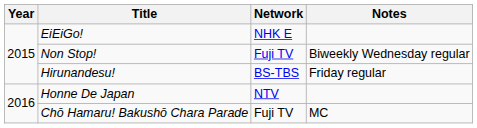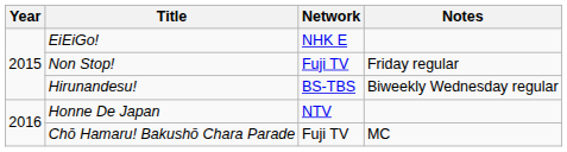 <table class="wikitable">
 <tr>
 <th>Year</th>
 <th>Title</th>
 <th>Network</th>
 <th>Notes</th>
 </tr>
 <tr>
 <td rowspan="3">2015</td>
 <td><em>EiEiGo!</em></td>
 <td><a href='#'>NHK E</a></td>
 <td></td>
 </tr>
 <tr>
 <td><em>Non Stop!</em></td>
 <td><a href='#'>Fuji TV</a></td>
-<td>Biweekly Wednesday regular</td>
+<td>Friday regular</td>
 </tr>
 <tr>
 <td><em>Hirunandesu!</em></td>
 <td><a href='#'>BS-TBS</a></td>
-<td>Friday regular</td>
+<td>Biweekly Wednesday regular</td>
 </tr>
 <tr>
 <td rowspan="2">2016</td>
 <td><em>Honne De Japan</em></td>
 <td><a href='#'>NTV</a></td>
 <td></td>
 </tr>
 <tr>
 <td><em>Chō Hamaru! Bakushō Chara Parade</em></td>
 <td>Fuji TV</td>
 <td>MC</td>
 </tr>
 </table>
